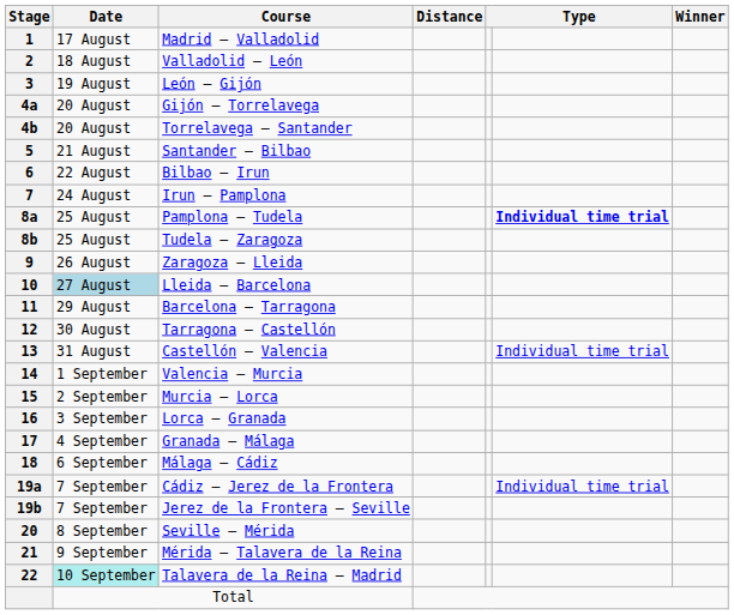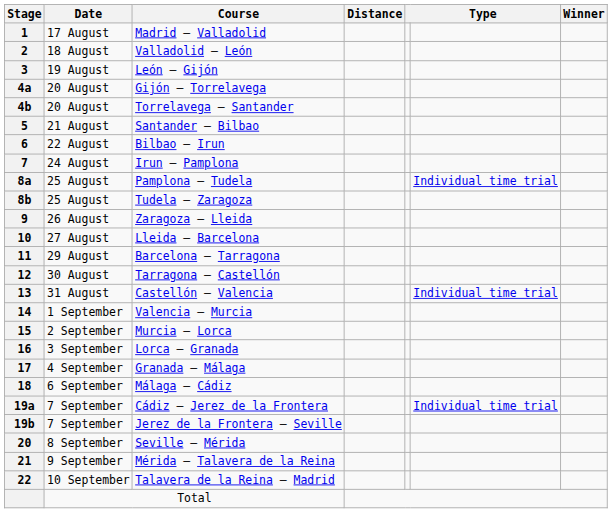 <table class="wikitable">
 <tr>
 <th scope="col">Stage</th>
 <th scope="col">Date</th>
 <th scope="col">Course</th>
 <th scope="col">Distance</th>
 <th scope="col" colspan="2">Type</th>
 <th scope="col">Winner</th>
 </tr>
 <tr>
 <th scope="row">1</th>
 <td>17 August</td>
 <td><a href='#'>Madrid</a> – <a href='#'>Valladolid</a></td>
 <td style="text-align:center;"></td>
 <td></td>
 <td></td>
 <td></td>
 </tr>
 <tr>
 <th scope="row">2</th>
 <td>18 August</td>
 <td><a href='#'>Valladolid</a> – <a href='#'>León</a></td>
 <td style="text-align:center;"></td>
 <td></td>
 <td></td>
 <td></td>
 </tr>
 <tr>
 <th scope="row">3</th>
 <td>19 August</td>
 <td><a href='#'>León</a> – <a href='#'>Gijón</a></td>
 <td style="text-align:center;"></td>
 <td></td>
 <td></td>
 <td></td>
 </tr>
 <tr>
 <th scope="row">4a</th>
 <td>20 August</td>
 <td><a href='#'>Gijón</a> – <a href='#'>Torrelavega</a></td>
 <td style="text-align:center;"></td>
 <td></td>
 <td></td>
 <td></td>
 </tr>
 <tr>
 <th scope="row">4b</th>
 <td>20 August</td>
 <td><a href='#'>Torrelavega</a> – <a href='#'>Santander</a></td>
 <td style="text-align:center;"></td>
 <td></td>
 <td></td>
 <td></td>
 </tr>
 <tr>
 <th scope="row">5</th>
 <td>21 August</td>
 <td><a href='#'>Santander</a> – <a href='#'>Bilbao</a></td>
 <td style="text-align:center;"></td>
 <td></td>
 <td></td>
 <td></td>
 </tr>
 <tr>
 <th scope="row">6</th>
 <td>22 August</td>
 <td><a href='#'>Bilbao</a> – <a href='#'>Irun</a></td>
 <td style="text-align:center;"></td>
 <td></td>
 <td></td>
 <td></td>
 </tr>
 <tr>
 <th scope="row">7</th>
 <td>24 August</td>
 <td><a href='#'>Irun</a> – <a href='#'>Pamplona</a></td>
 <td style="text-align:center;"></td>
 <td></td>
 <td></td>
 <td></td>
 </tr>
 <tr>
 <th scope="row">8a</th>
 <td>25 August</td>
 <td><a href='#'>Pamplona</a> – <a href='#'>Tudela</a></td>
 <td style="text-align:center;"></td>
 <td></td>
-<td><strong><a href='#'>Individual time trial</a></strong></td>
+<td><a href='#'>Individual time trial</a></td>
 <td></td>
 </tr>
 <tr>
 <th scope="row">8b</th>
 <td>25 August</td>
 <td><a href='#'>Tudela</a> – <a href='#'>Zaragoza</a></td>
 <td style="text-align:center;"></td>
 <td></td>
 <td></td>
 <td></td>
 </tr>
 <tr>
 <th scope="row">9</th>
 <td>26 August</td>
 <td><a href='#'>Zaragoza</a> – <a href='#'>Lleida</a></td>
 <td style="text-align:center;"></td>
 <td></td>
 <td></td>
 <td></td>
 </tr>
 <tr>
 <th scope="row">10</th>
-<td style="background: lightblue;">27 August</td>
+<td>27 August</td>
 <td><a href='#'>Lleida</a> – <a href='#'>Barcelona</a></td>
 <td style="text-align:center;"></td>
 <td></td>
 <td></td>
 <td></td>
 </tr>
 <tr>
 <th scope="row">11</th>
 <td>29 August</td>
 <td><a href='#'>Barcelona</a> – <a href='#'>Tarragona</a></td>
 <td style="text-align:center;"></td>
 <td></td>
 <td></td>
 <td></td>
 </tr>
 <tr>
 <th scope="row">12</th>
 <td>30 August</td>
 <td><a href='#'>Tarragona</a> – <a href='#'>Castellón</a></td>
 <td style="text-align:center;"></td>
 <td></td>
 <td></td>
 <td></td>
 </tr>
 <tr>
 <th scope="row">13</th>
 <td>31 August</td>
 <td><a href='#'>Castellón</a> – <a href='#'>Valencia</a></td>
 <td style="text-align:center;"></td>
 <td></td>
 <td><a href='#'>Individual time trial</a></td>
 <td></td>
 </tr>
 <tr>
 <th scope="row">14</th>
 <td>1 September</td>
 <td><a href='#'>Valencia</a> – <a href='#'>Murcia</a></td>
 <td style="text-align:center;"></td>
 <td></td>
 <td></td>
 <td></td>
 </tr>
 <tr>
 <th scope="row">15</th>
 <td>2 September</td>
 <td><a href='#'>Murcia</a> – <a href='#'>Lorca</a></td>
 <td style="text-align:center;"></td>
 <td></td>
 <td></td>
 <td></td>
 </tr>
 <tr>
 <th scope="row">16</th>
 <td>3 September</td>
 <td><a href='#'>Lorca</a> – <a href='#'>Granada</a></td>
 <td style="text-align:center;"></td>
 <td></td>
 <td></td>
 <td></td>
 </tr>
 <tr>
 <th scope="row">17</th>
 <td>4 September</td>
 <td><a href='#'>Granada</a> – <a href='#'>Málaga</a></td>
 <td style="text-align:center;"></td>
 <td></td>
 <td></td>
 <td></td>
 </tr>
 <tr>
 <th scope="row">18</th>
 <td>6 September</td>
 <td><a href='#'>Málaga</a> – <a href='#'>Cádiz</a></td>
 <td style="text-align:center;"></td>
 <td></td>
 <td></td>
 <td></td>
 </tr>
 <tr>
 <th scope="row">19a</th>
 <td>7 September</td>
 <td><a href='#'>Cádiz</a> – <a href='#'>Jerez de la Frontera</a></td>
 <td style="text-align:center;"></td>
 <td></td>
 <td><a href='#'>Individual time trial</a></td>
 <td></td>
 </tr>
 <tr>
 <th scope="row">19b</th>
 <td>7 September</td>
 <td><a href='#'>Jerez de la Frontera</a> – <a href='#'>Seville</a></td>
 <td style="text-align:center;"></td>
 <td></td>
 <td></td>
 <td></td>
 </tr>
 <tr>
 <th scope="row">20</th>
 <td>8 September</td>
 <td><a href='#'>Seville</a> – <a href='#'>Mérida</a></td>
 <td style="text-align:center;"></td>
 <td></td>
 <td></td>
 <td></td>
 </tr>
 <tr>
 <th scope="row">21</th>
 <td>9 September</td>
 <td><a href='#'>Mérida</a> – <a href='#'>Talavera de la Reina</a></td>
 <td style="text-align:center;"></td>
 <td></td>
 <td></td>
 <td></td>
 </tr>
 <tr>
 <th scope="row">22</th>
-<td style="background: paleturquoise;">10 September</td>
+<td>10 September</td>
 <td><a href='#'>Talavera de la Reina</a> – <a href='#'>Madrid</a></td>
 <td style="text-align:center;"></td>
 <td></td>
 <td></td>
 <td></td>
 </tr>
 <tr>
 <th scope="row"></th>
 <td colspan="2" style="text-align:center">Total</td>
 <td colspan="4" style="text-align:center"></td>
 </tr>
 </table>
